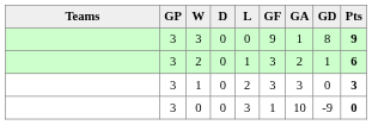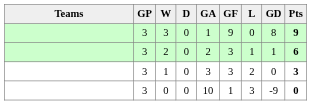 <table style=border-collapse:collapse border=1 cellspacing=0 cellpadding=5>
 <tr align=center bgcolor=#efefef>
 <th width=185>Teams</th>
 <th width=20>GP</th>
 <th width=20>W</th>
 <th width=20>D</th>
+<th width=20>GA</th>
+<th width=20>GF</th>
 <th width=20>L</th>
-<th width=20>GF</th>
-<th width=20>GA</th>
 <th width=20>GD</th>
 <th width=20>Pts</th>
 </tr>
 <tr align=center style="background:#ccffcc;">
 <td style="text-align:left;"></td>
 <td>3</td>
 <td>3</td>
 <td>0</td>
+<td>1</td>
+<td>9</td>
 <td>0</td>
-<td>9</td>
-<td>1</td>
 <td>8</td>
 <td><strong>9</strong></td>
 </tr>
 <tr align=center style="background:#ccffcc;">
 <td style="text-align:left;"></td>
 <td>3</td>
 <td>2</td>
 <td>0</td>
+<td>2</td>
+<td>3</td>
 <td>1</td>
-<td>3</td>
-<td>2</td>
 <td>1</td>
 <td><strong>6</strong></td>
 </tr>
 <tr align=center>
 <td style="text-align:left;"></td>
 <td>3</td>
 <td>1</td>
 <td>0</td>
-<td>2</td>
 <td>3</td>
 <td>3</td>
+<td>2</td>
 <td>0</td>
 <td><strong>3</strong></td>
 </tr>
 <tr align=center>
 <td style="text-align:left;"></td>
 <td>3</td>
 <td>0</td>
 <td>0</td>
+<td>10</td>
+<td>1</td>
 <td>3</td>
-<td>1</td>
-<td>10</td>
 <td>-9</td>
 <td><strong>0</strong></td>
 </tr>
 </table>
